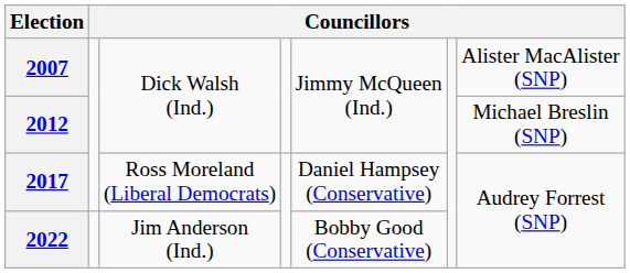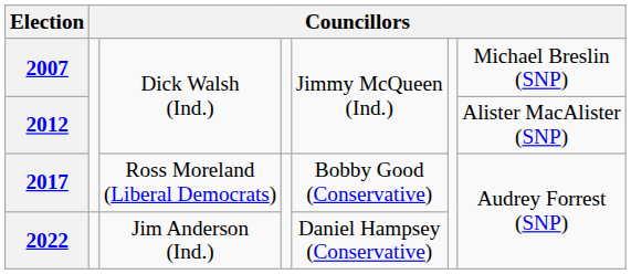 <table class="wikitable" style="text-align:center">
 <tr>
 <th>Election</th>
 <th colspan=8>Councillors</th>
 </tr>
 <tr>
 <th><a href='#'>2007</a></th>
 <td rowspan=3; style="background-color: "></td>
 <td rowspan=2>Dick Walsh<br>(Ind.)</td>
 <td rowspan=2; style="background-color: "></td>
 <td rowspan=2>Jimmy McQueen<br>(Ind.)</td>
 <td rowspan=4; style="background-color: "></td>
-<td rowspan=1>Alister MacAlister<br>(<a href='#'>SNP</a>)</td>
+<td rowspan=1>Michael Breslin<br>(<a href='#'>SNP</a>)</td>
 </tr>
 <tr>
 <th><a href='#'>2012</a></th>
-<td rowspan=1>Michael Breslin<br>(<a href='#'>SNP</a>)</td>
+<td rowspan=1>Alister MacAlister<br>(<a href='#'>SNP</a>)</td>
 </tr>
 <tr>
 <th><a href='#'>2017</a></th>
 <td rowspan=1>Ross Moreland<br>(<a href='#'>Liberal Democrats</a>)</td>
 <td rowspan=2; style="background-color: "></td>
-<td rowspan=1>Daniel Hampsey<br>(<a href='#'>Conservative</a>)</td>
+<td rowspan=1>Bobby Good<br>(<a href='#'>Conservative</a>)</td>
 <td rowspan=2>Audrey Forrest<br>(<a href='#'>SNP</a>)</td>
 </tr>
 <tr>
 <th><a href='#'>2022</a></th>
 <td rowspan=1; style="background-color: "></td>
 <td rowspan=1>Jim Anderson<br>(Ind.)</td>
-<td rowspan=1>Bobby Good<br>(<a href='#'>Conservative</a>)</td>
+<td rowspan=1>Daniel Hampsey<br>(<a href='#'>Conservative</a>)</td>
 </tr>
 </table>
